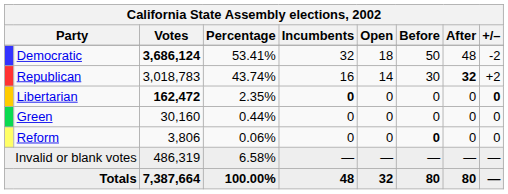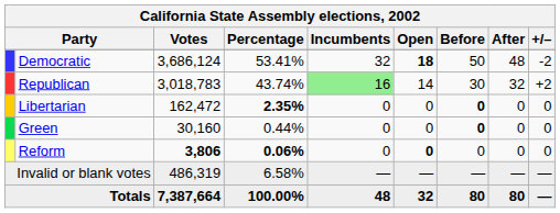 <table class="wikitable" style="font-size:95%;">
 <tr>
 <th colspan="9">California State Assembly elections, 2002</th>
 </tr>
 <tr>
 <th colspan=2 style="width: 10em">Party</th>
 <th style="width: 4em">Votes</th>
 <th style="width: 5em">Percentage</th>
 <th style="width: 5em">Incumbents</th>
 <th style="width: 2em">Open</th>
 <th style="width: 3em">Before</th>
 <th style="width: 2em">After</th>
 <th style="width: 1em">+/–</th>
 </tr>
 <tr>
 </tr>
 <tr>
 <th style="background-color:#3333FF; width: 3px"></th>
 <td style="width: 130px"><a href='#'>Democratic</a></td>
-<td align="right"><strong>3,686,124</strong></td>
+<td align="right">3,686,124</td>
 <td align="right">53.41%</td>
 <td align="right">32</td>
-<td align="right">18</td>
+<td align="right"><strong>18</strong></td>
 <td align="right">50</td>
 <td align="right">48</td>
 <td align="right">-2</td>
 </tr>
 <tr>
 <th style="background-color:#FF3333; width: 3px"></th>
 <td style="width: 130px"><a href='#'>Republican</a></td>
 <td align="right">3,018,783</td>
 <td align="right">43.74%</td>
-<td align="right">16</td>
+<td align="right" style="background: lightgreen;">16</td>
 <td align="right">14</td>
 <td align="right">30</td>
-<td align="right"><strong>32</strong></td>
+<td align="right">32</td>
 <td align="right">+2</td>
 </tr>
 <tr>
 <th style="background-color:#FFCC00; width: 3px"></th>
 <td style="width: 130px"><a href='#'>Libertarian</a></td>
-<td align="right"><strong>162,472</strong></td>
-<td align="right">2.35%</td>
+<td align="right">162,472</td>
+<td align="right"><strong>2.35%</strong></td>
+<td align="right">0</td>
+<td align="right">0</td>
 <td align="right"><strong>0</strong></td>
 <td align="right">0</td>
 <td align="right">0</td>
-<td align="right">0</td>
-<td align="right"><strong>0</strong></td>
 </tr>
 <tr>
 <th style="background-color:#0BDA51; width: 3px"></th>
 <td style="width: 130px"><a href='#'>Green</a></td>
 <td align="right">30,160</td>
 <td align="right">0.44%</td>
 <td align="right">0</td>
 <td align="right">0</td>
-<td align="right">0</td>
+<td align="right"><strong>0</strong></td>
 <td align="right">0</td>
 <td align="right">0</td>
 </tr>
 <tr>
 <th style="background-color:#FFFF66; width: 3px"></th>
 <td style="width: 130px"><a href='#'>Reform</a></td>
-<td align="right">3,806</td>
-<td align="right">0.06%</td>
-<td align="right">0</td>
+<td align="right"><strong>3,806</strong></td>
+<td align="right"><strong>0.06%</strong></td>
 <td align="right">0</td>
 <td align="right"><strong>0</strong></td>
+<td align="right">0</td>
 <td align="right">0</td>
 <td align="right">0</td>
 </tr>
 <tr bgcolor="#EEEEEE">
 <td colspan="2" align="right">Invalid or blank votes</td>
 <td align="right">486,319</td>
 <td align="right">6.58%</td>
 <td align="right">—</td>
 <td align="right">—</td>
 <td align="right">—</td>
 <td align="right">—</td>
 <td align="right">—</td>
 </tr>
 <tr bgcolor="#EEEEEE">
 <td colspan="2" align="right"><strong>Totals</strong></td>
 <td align="right"><strong>7,387,664</strong></td>
 <td align="right"><strong>100.00%</strong></td>
 <td align="right"><strong>48</strong></td>
 <td align="right"><strong>32</strong></td>
 <td align="right"><strong>80</strong></td>
 <td align="right"><strong>80</strong></td>
 <td align="right"><strong>—</strong></td>
 </tr>
 </table>
